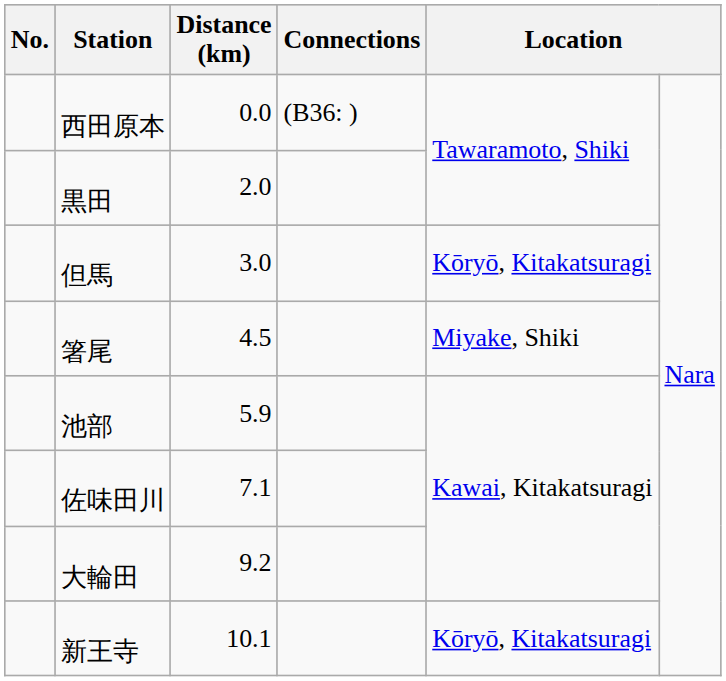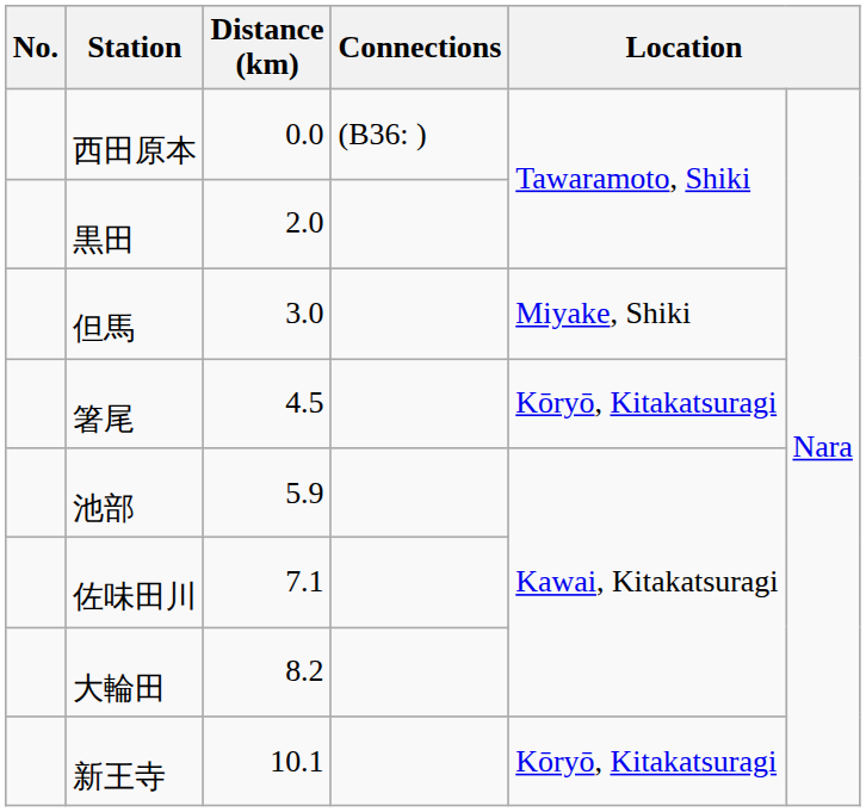 <table class="wikitable" ruls="all">
 <tr style="border-bottom:solid 2px #">
 <th>No.</th>
 <th>Station</th>
 <th>Distance<br>(km)</th>
 <th>Connections</th>
 <th colspan="2">Location</th>
 </tr>
 <tr>
 <td></td>
 <td><br>西田原本</td>
 <td style="text-align:right;">0.0</td>
 <td>  (B36: )</td>
 <td rowspan="2"><a href='#'>Tawaramoto</a>, <a href='#'>Shiki</a></td>
 <td rowspan="8"><a href='#'>Nara</a></td>
 </tr>
 <tr>
 <td></td>
 <td><br>黒田</td>
 <td style="text-align:right;">2.0</td>
 <td></td>
 </tr>
 <tr>
 <td></td>
 <td><br>但馬</td>
 <td style="text-align:right;">3.0</td>
 <td></td>
-<td><a href='#'>Kōryō</a>, <a href='#'>Kitakatsuragi</a></td>
+<td><a href='#'>Miyake</a>, Shiki</td>
 </tr>
 <tr>
 <td></td>
 <td><br>箸尾</td>
 <td style="text-align:right;">4.5</td>
 <td></td>
-<td><a href='#'>Miyake</a>, Shiki</td>
+<td><a href='#'>Kōryō</a>, <a href='#'>Kitakatsuragi</a></td>
 </tr>
 <tr>
 <td></td>
 <td><br>池部</td>
 <td style="text-align:right;">5.9</td>
 <td></td>
 <td rowspan="3"><a href='#'>Kawai</a>, Kitakatsuragi</td>
 </tr>
 <tr>
 <td></td>
 <td><br>佐味田川</td>
 <td style="text-align:right;">7.1</td>
 <td></td>
 </tr>
 <tr>
 <td></td>
 <td><br>大輪田</td>
-<td style="text-align:right;">9.2</td>
+<td style="text-align:right;">8.2</td>
 <td> </td>
 </tr>
 <tr>
 <td></td>
 <td><br>新王寺</td>
 <td style="text-align:right;">10.1</td>
 <td></td>
 <td><a href='#'>Kōryō</a>, <a href='#'>Kitakatsuragi</a></td>
 </tr>
 </table>
